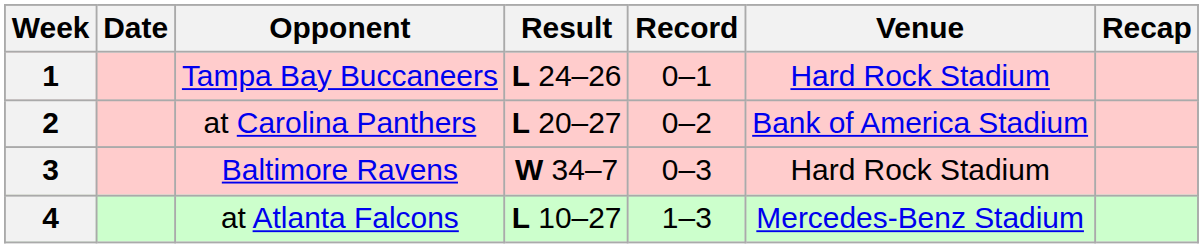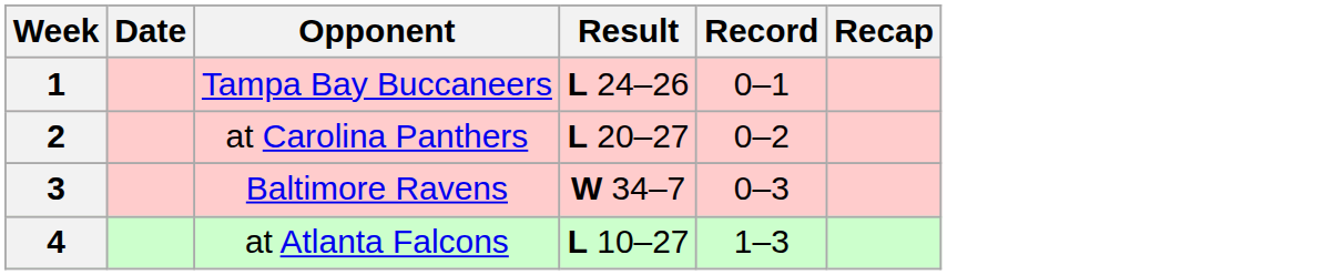 <table class="wikitable" style="text-align:center">
 <tr>
 <th>Week</th>
 <th>Date</th>
 <th>Opponent</th>
 <th>Result</th>
 <th>Record</th>
-<th>Venue</th>
 <th>Recap</th>
 </tr>
 <tr style="background:#fcc">
 <th>1</th>
 <td></td>
 <td><a href='#'>Tampa Bay Buccaneers</a></td>
 <td><strong>L</strong> 24–26</td>
 <td>0–1</td>
-<td><a href='#'>Hard Rock Stadium</a></td>
 <td></td>
 </tr>
 <tr style="background:#fcc">
 <th>2</th>
 <td></td>
 <td>at <a href='#'>Carolina Panthers</a></td>
 <td><strong>L</strong> 20–27</td>
 <td>0–2</td>
-<td><a href='#'>Bank of America Stadium</a></td>
 <td></td>
 </tr>
 <tr style="background:#fcc">
 <th>3</th>
 <td></td>
 <td><a href='#'>Baltimore Ravens</a></td>
 <td><strong>W</strong> 34–7</td>
 <td>0–3</td>
-<td>Hard Rock Stadium</td>
 <td></td>
 </tr>
 <tr style="background:#cfc">
 <th>4</th>
 <td></td>
 <td>at <a href='#'>Atlanta Falcons</a></td>
 <td><strong>L</strong> 10–27</td>
 <td>1–3</td>
-<td><a href='#'>Mercedes-Benz Stadium</a></td>
 <td></td>
 </tr>
 </table>
